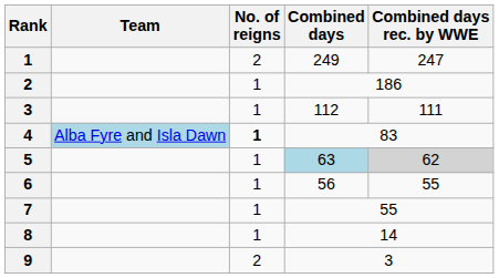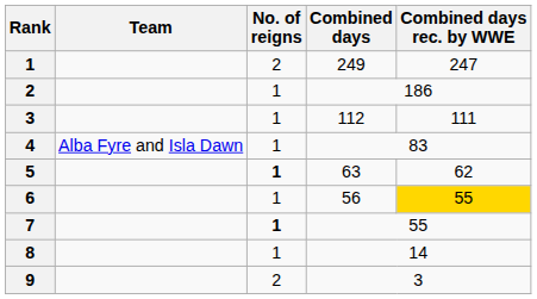 <table class="wikitable sortable" style="text-align: center">
 <tr>
 <th>Rank</th>
 <th>Team</th>
 <th>No. of<br>reigns</th>
 <th data-sort-type="number">Combined<br>days</th>
 <th data-sort-type="number">Combined days<br>rec. by WWE</th>
 </tr>
 <tr>
 <th>1</th>
 <td></td>
 <td>2</td>
 <td>249</td>
 <td>247</td>
 </tr>
 <tr>
 <th>2</th>
 <td></td>
 <td>1</td>
 <td colspan=2>186</td>
 </tr>
 <tr>
 <th>3</th>
 <td></td>
 <td>1</td>
 <td>112</td>
 <td>111</td>
 </tr>
 <tr>
 <th>4</th>
-<td {{sort style="background: lightblue;"><a href='#'>Alba Fyre</a> and <a href='#'>Isla Dawn</a></td>
-<td><strong>1</strong></td>
+<td {{sort><a href='#'>Alba Fyre</a> and <a href='#'>Isla Dawn</a></td>
+<td>1</td>
 <td colspan=2>83</td>
 </tr>
 <tr>
 <th>5</th>
 <td></td>
-<td>1</td>
-<td style="background: lightblue;">63</td>
-<td style="background: lightgrey;">62</td>
+<td><strong>1</strong></td>
+<td>63</td>
+<td>62</td>
 </tr>
 <tr>
 <th>6</th>
 <td></td>
 <td>1</td>
 <td>56</td>
-<td>55</td>
+<td style="background: gold;">55</td>
 </tr>
 <tr>
 <th>7</th>
 <td></td>
-<td>1</td>
+<td><strong>1</strong></td>
 <td colspan=2>55</td>
 </tr>
 <tr>
 <th>8</th>
 <td></td>
 <td>1</td>
 <td colspan=2>14</td>
 </tr>
 <tr>
 <th>9</th>
 <td></td>
 <td>2</td>
 <td colspan=2>3</td>
 </tr>
 </table>
